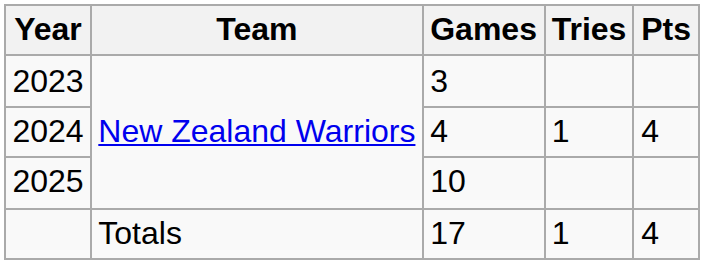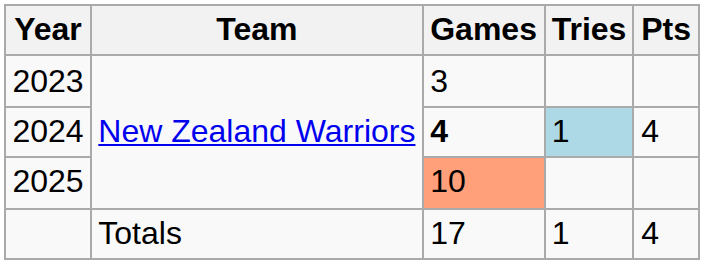 <table class="wikitable">
 <tr>
 <th>Year</th>
 <th>Team</th>
 <th>Games</th>
 <th>Tries</th>
 <th>Pts</th>
 </tr>
 <tr>
 <td>2023</td>
 <td rowspan="3"> <a href='#'>New Zealand Warriors</a></td>
 <td>3</td>
 <td></td>
 <td></td>
 </tr>
 <tr>
 <td>2024</td>
-<td>4</td>
-<td>1</td>
+<td><strong>4</strong></td>
+<td style="background: lightblue;">1</td>
 <td>4</td>
 </tr>
 <tr>
 <td>2025</td>
-<td>10</td>
+<td style="background: lightsalmon;">10</td>
 <td></td>
 <td></td>
 </tr>
 <tr>
 <td></td>
 <td>Totals</td>
 <td>17</td>
 <td>1</td>
 <td>4</td>
 </tr>
 </table>
